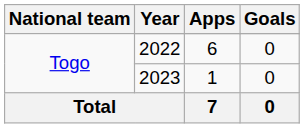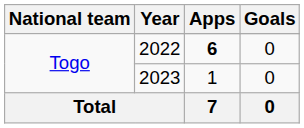 <table class="wikitable" style="text-align:center">
 <tr>
 <th>National team</th>
 <th>Year</th>
 <th>Apps</th>
 <th>Goals</th>
 </tr>
 <tr>
 <td rowspan="3"><a href='#'>Togo</a></td>
 </tr>
 <tr>
 <td>2022</td>
-<td>6</td>
+<td><strong>6</strong></td>
 <td>0</td>
 </tr>
 <tr>
 <td>2023</td>
 <td>1</td>
 <td>0</td>
 </tr>
 <tr>
 <th colspan=2>Total</th>
 <th>7</th>
 <th>0</th>
 </tr>
 </table>
